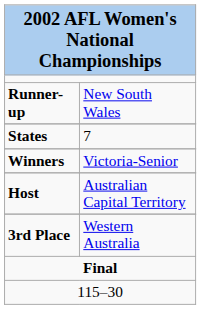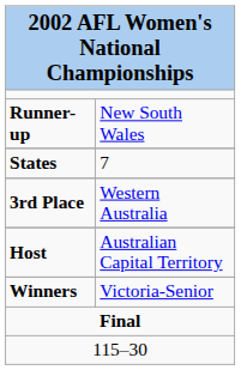 <table class="wikitable" align="right" width="200" style="margin-left:0.3em">
 <tr>
 <th style="background:#ABCDEF" align="center" colspan="2"><big>2002 AFL Women's National Championships</big></th>
 </tr>
 <tr>
 <td colspan="2" style="text-align: center;"></td>
 </tr>
 <tr>
 <td><strong>Runner-up</strong></td>
 <td><a href='#'>New South Wales</a></td>
 </tr>
 <tr style="text-align:center;">
 </tr>
 <tr>
 <td><strong>States</strong></td>
 <td>7</td>
 </tr>
 <tr style="text-align:center;">
 </tr>
 <tr>
-<td><strong>Winners</strong></td>
-<td><a href='#'>Victoria-Senior</a></td>
+<td><strong>3rd Place</strong></td>
+<td><a href='#'>Western Australia</a></td>
 </tr>
 <tr style="text-align:center;">
 </tr>
 <tr>
 <td><strong>Host</strong></td>
 <td><a href='#'>Australian Capital Territory</a></td>
 </tr>
 <tr style="text-align:center;">
 </tr>
 <tr>
-<td><strong>3rd Place</strong></td>
-<td><a href='#'>Western Australia</a></td>
+<td><strong>Winners</strong></td>
+<td><a href='#'>Victoria-Senior</a></td>
 </tr>
 <tr style="text-align:center;">
 <td colspan="2"><strong>Final</strong></td>
 </tr>
 <tr style="text-align:center;">
 <td colspan="2">115–30</td>
 </tr>
 </table>
